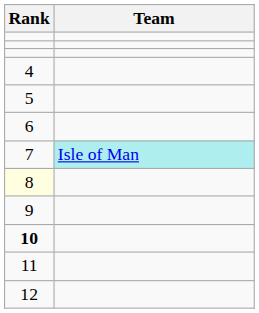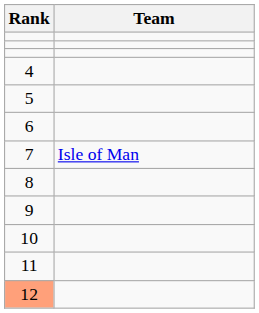 <table class="wikitable" style="text-align:center;">
 <tr>
 <th>Rank</th>
 <th width=175>Team</th>
 </tr>
 <tr>
 <td></td>
 <td align=left></td>
 </tr>
 <tr>
 <td></td>
 <td align=left></td>
 </tr>
 <tr>
 <td></td>
 <td align=left></td>
 </tr>
 <tr>
 <td>4</td>
 <td align=left></td>
 </tr>
 <tr>
 <td>5</td>
 <td align=left></td>
 </tr>
 <tr>
 <td>6</td>
 <td align=left></td>
 </tr>
 <tr>
 <td>7</td>
-<td align=left style="background: paleturquoise;"> <a href='#'>Isle of Man</a></td>
+<td align=left> <a href='#'>Isle of Man</a></td>
 </tr>
 <tr>
-<td style="background: lightyellow;">8</td>
+<td>8</td>
 <td align=left></td>
 </tr>
 <tr>
 <td>9</td>
 <td align=left></td>
 </tr>
 <tr>
-<td><strong>10</strong></td>
+<td>10</td>
 <td align=left></td>
 </tr>
 <tr>
 <td>11</td>
 <td align=left></td>
 </tr>
 <tr>
-<td>12</td>
+<td style="background: lightsalmon;">12</td>
 <td align=left></td>
 </tr>
 </table>
